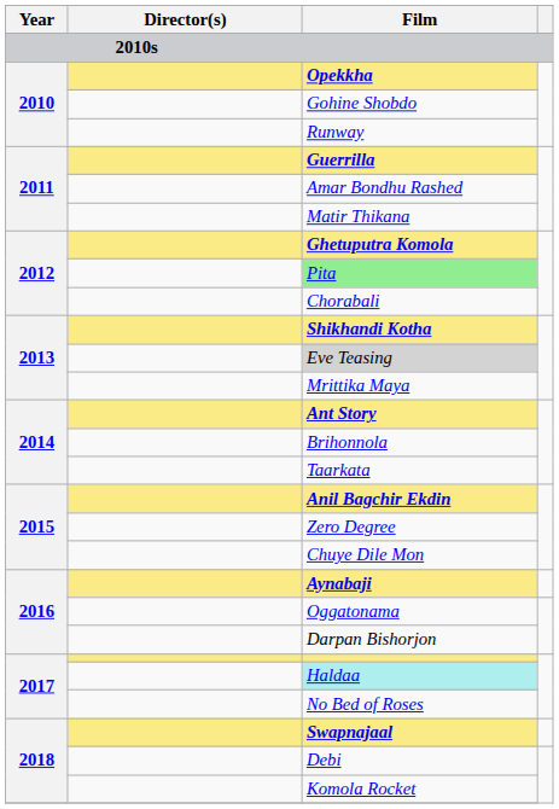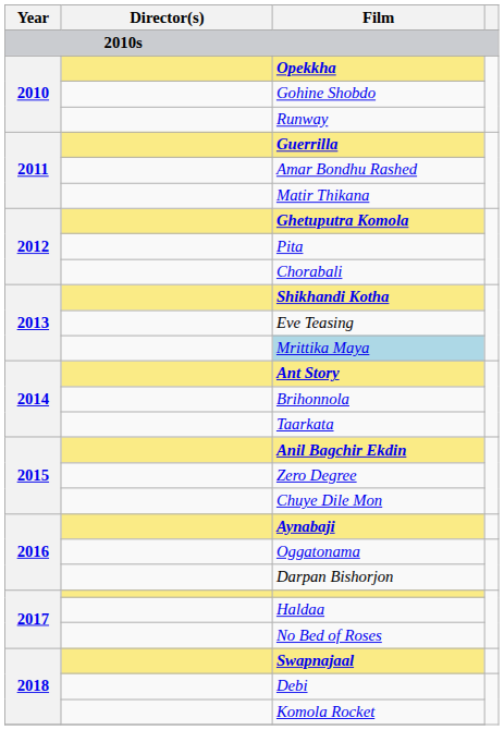 <table class="wikitable sortable">
 <tr>
 <th scope="col" style="width:8%;">Year</th>
 <th scope="col" style="width:30%;">Director(s)</th>
 <th scope="col" style="width:30%;">Film</th>
 <th scope="col" style="width:2%;" class="unsortable"></th>
 </tr>
 <tr>
 <td colspan=5 data-sort-value="ω" style="background-color:#CACCD0; font-weight:bold; padding-left:20%">2010s</td>
 </tr>
 <tr>
 <th scope="row" rowspan=3 style="text-align:center;"><a href='#'>2010</a><br></th>
 <td style="background:#FAEB86;"><strong></strong></td>
 <td style="background:#FAEB86;"><strong><em><a href='#'>Opekkha</a></em></strong></td>
 <td rowspan="3"></td>
 </tr>
 <tr>
 <td></td>
 <td><em><a href='#'>Gohine Shobdo</a></em></td>
 </tr>
 <tr>
 <td></td>
 <td><em><a href='#'>Runway</a></em> </td>
 </tr>
 <tr>
 <th scope="row" rowspan=3 style="text-align:center;"><a href='#'>2011</a><br></th>
 <td style="background:#FAEB86;"><strong></strong></td>
 <td style="background:#FAEB86;"><strong><em><a href='#'>Guerrilla</a></em></strong> </td>
 <td rowspan="3"></td>
 </tr>
 <tr>
 <td></td>
 <td><em><a href='#'>Amar Bondhu Rashed</a></em></td>
 </tr>
 <tr>
 <td></td>
 <td><em><a href='#'>Matir Thikana</a></em></td>
 </tr>
 <tr>
 <th scope="row" rowspan=3 style="text-align:center;"><a href='#'>2012</a><br></th>
 <td style="background:#FAEB86;"><strong></strong></td>
 <td style="background:#FAEB86;"><strong><em><a href='#'>Ghetuputra Komola</a></em></strong></td>
 <td rowspan="3"></td>
 </tr>
 <tr>
 <td></td>
-<td style="background: lightgreen;"><em><a href='#'>Pita</a></em></td>
+<td><em><a href='#'>Pita</a></em></td>
 </tr>
 <tr>
 <td></td>
 <td><em><a href='#'>Chorabali</a></em></td>
 </tr>
 <tr>
 <th scope="row" rowspan=3 style="text-align:center;"><a href='#'>2013</a><br></th>
 <td style="background:#FAEB86;"><strong></strong></td>
 <td style="background:#FAEB86;"><strong><em><a href='#'>Shikhandi Kotha</a></em></strong></td>
 <td rowspan="3"></td>
 </tr>
 <tr>
 <td></td>
-<td style="background: lightgrey;"><em>Eve Teasing</em></td>
+<td><em>Eve Teasing</em></td>
 </tr>
 <tr>
 <td></td>
-<td><em><a href='#'>Mrittika Maya</a></em></td>
+<td style="background: lightblue;"><em><a href='#'>Mrittika Maya</a></em></td>
 </tr>
 <tr>
 <th scope="row" rowspan=3 style="text-align:center;"><a href='#'>2014</a><br></th>
 <td style="background:#FAEB86;"><strong></strong></td>
 <td style="background:#FAEB86;"><strong><em><a href='#'>Ant Story</a></em></strong></td>
 <td rowspan="3"></td>
 </tr>
 <tr>
 <td></td>
 <td><em><a href='#'>Brihonnola</a></em> </td>
 </tr>
 <tr>
 <td></td>
 <td><em><a href='#'>Taarkata</a></em></td>
 </tr>
 <tr>
 <th scope="row" rowspan=3 style="text-align:center;"><a href='#'>2015</a><br></th>
 <td style="background:#FAEB86;"><strong></strong></td>
 <td style="background:#FAEB86;"><strong><em><a href='#'>Anil Bagchir Ekdin</a></em></strong></td>
 <td rowspan="3"></td>
 </tr>
 <tr>
 <td></td>
 <td><em><a href='#'>Zero Degree</a></em></td>
 </tr>
 <tr>
 <td></td>
 <td><em><a href='#'>Chuye Dile Mon</a></em> </td>
 </tr>
 <tr>
 <th scope="row" rowspan=3 style="text-align:center;"><a href='#'>2016</a><br></th>
 <td style="background:#FAEB86;"><strong></strong></td>
 <td style="background:#FAEB86;"><strong><em><a href='#'>Aynabaji</a></em></strong></td>
 <td></td>
 </tr>
 <tr>
 <td></td>
 <td><em><a href='#'>Oggatonama</a></em> </td>
 </tr>
 <tr>
 <td></td>
 <td><em>Darpan Bishorjon</em></td>
 </tr>
 <tr>
 <th scope="row" rowspan=3 style="text-align:center;"><a href='#'>2017</a><br></th>
 <td style="background:#FAEB86;"><strong></strong></td>
 <td style="background:#FAEB86;"><strong><em></em></strong> </td>
 <td rowspan="3"></td>
 </tr>
 <tr>
 <td></td>
-<td style="background: paleturquoise;"><em><a href='#'>Haldaa</a></em></td>
+<td><em><a href='#'>Haldaa</a></em></td>
 </tr>
 <tr>
 <td></td>
 <td><em><a href='#'>No Bed of Roses</a></em></td>
 </tr>
 <tr>
 <th scope="row" rowspan=3 style="text-align:center;"><a href='#'>2018</a><br></th>
 <td style="background:#FAEB86;"><strong></strong></td>
 <td style="background:#FAEB86;"><strong><em><a href='#'>Swapnajaal</a></em></strong></td>
 <td></td>
 </tr>
 <tr>
 <td></td>
 <td><em><a href='#'>Debi</a></em></td>
 </tr>
 <tr>
 <td></td>
 <td><em><a href='#'>Komola Rocket</a></em> </td>
 </tr>
 <tr>
 </tr>
 </table>
